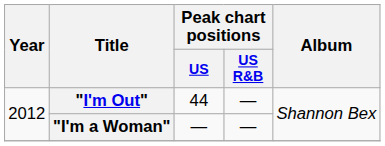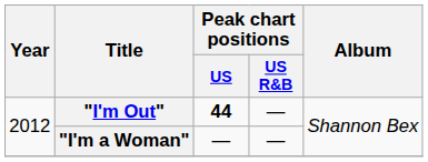 <table class="wikitable plainrowheaders" style="text-align:center;">
 <tr>
 <th scope="col" rowspan="2">Year</th>
 <th scope="col" rowspan="2">Title</th>
 <th scope="col" colspan="2">Peak chart positions</th>
 <th scope="col" rowspan="2">Album</th>
 </tr>
 <tr>
 <th scope="col" style="width:3em;font-size:85%;"><a href='#'>US</a></th>
 <th scope="col" style="width:3em;font-size:85%;"><a href='#'>US R&B</a><br></th>
 </tr>
 <tr>
 <td rowspan="2">2012</td>
 <th scope="row">"<a href='#'>I'm Out</a>"</th>
-<td>44</td>
+<td><strong>44</strong></td>
 <td>—</td>
 <td rowspan="2"><em>Shannon Bex</em></td>
 </tr>
 <tr>
 <th scope="row">"I'm a Woman"</th>
 <td>—</td>
 <td>—</td>
 </tr>
 <tr>
 </tr>
 </table>
